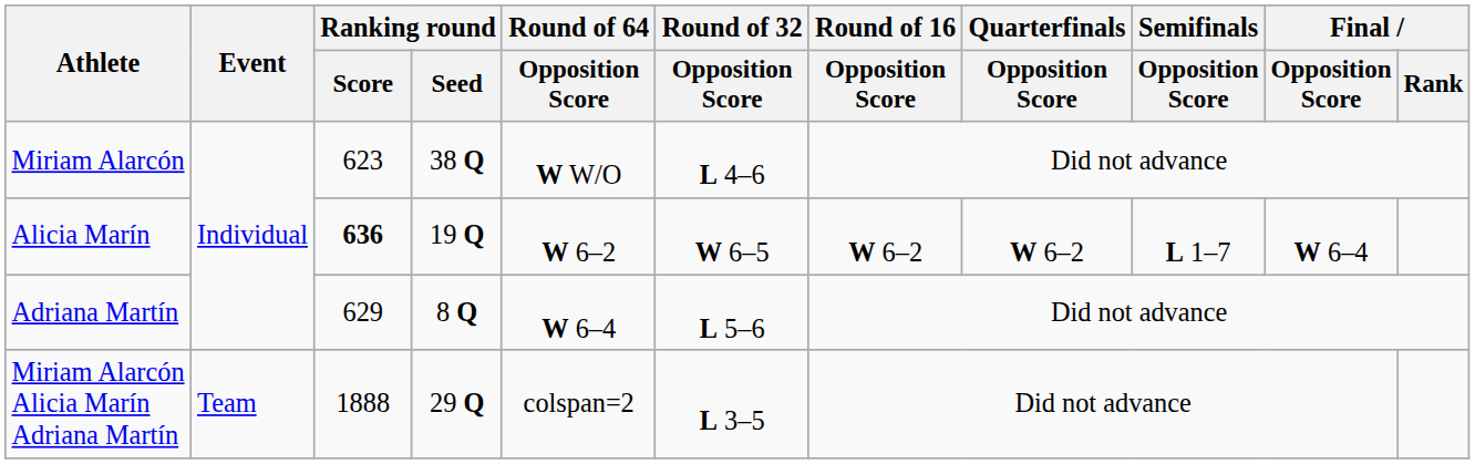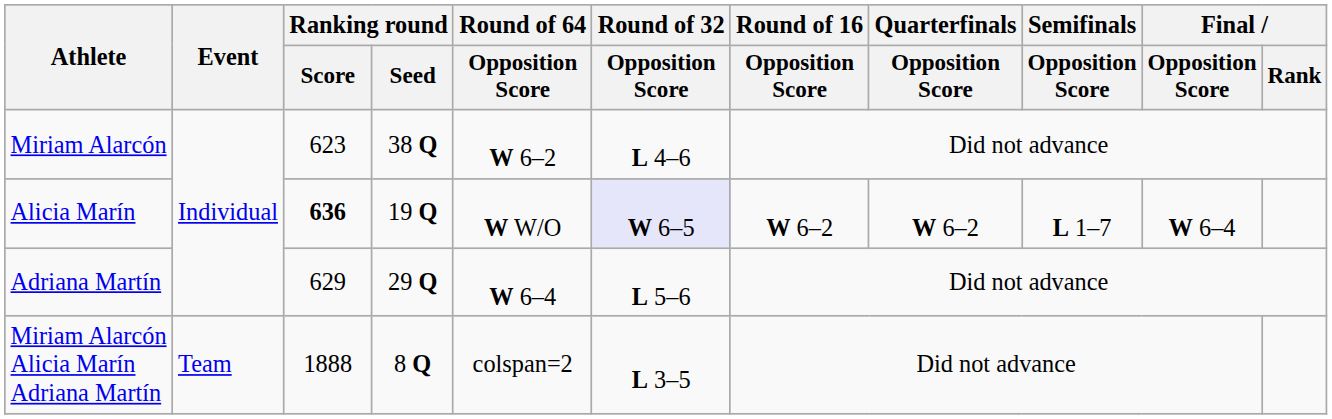 <table class="wikitable" style="font-size:90%">
 <tr>
 <th rowspan="2">Athlete</th>
 <th rowspan="2">Event</th>
 <th colspan="2">Ranking round</th>
 <th>Round of 64</th>
 <th>Round of 32</th>
 <th>Round of 16</th>
 <th>Quarterfinals</th>
 <th>Semifinals</th>
 <th colspan="2">Final / </th>
 </tr>
 <tr style="font-size:95%">
 <th>Score</th>
 <th>Seed</th>
 <th>Opposition<br>Score</th>
 <th>Opposition<br>Score</th>
 <th>Opposition<br>Score</th>
 <th>Opposition<br>Score</th>
 <th>Opposition<br>Score</th>
 <th>Opposition<br>Score</th>
 <th>Rank</th>
 </tr>
 <tr align=center>
 <td align=left><a href='#'>Miriam Alarcón</a></td>
 <td align=left rowspan=3><a href='#'>Individual</a></td>
 <td>623</td>
 <td>38 <strong>Q</strong></td>
-<td><br><strong>W</strong> W/O</td>
+<td><br><strong>W</strong> 6–2</td>
 <td><br><strong>L</strong> 4–6</td>
 <td colspan=5>Did not advance</td>
 </tr>
 <tr align=center>
 <td align=left><a href='#'>Alicia Marín</a></td>
 <td><strong>636</strong></td>
 <td>19 <strong>Q</strong></td>
-<td><br><strong>W</strong> 6–2</td>
-<td><br><strong>W</strong> 6–5</td>
+<td><br><strong>W</strong> W/O</td>
+<td style="background: lavender;"><br><strong>W</strong> 6–5</td>
 <td><br><strong>W</strong> 6–2</td>
 <td><br><strong>W</strong> 6–2</td>
 <td><br><strong>L</strong> 1–7</td>
 <td><br><strong>W</strong> 6–4</td>
 <td></td>
 </tr>
 <tr align=center>
 <td align=left><a href='#'>Adriana Martín</a></td>
 <td>629</td>
-<td>8 <strong>Q</strong></td>
+<td>29 <strong>Q</strong></td>
 <td><br><strong>W</strong> 6–4</td>
 <td><br><strong>L</strong> 5–6</td>
 <td colspan=5>Did not advance</td>
 </tr>
 <tr align=center>
 <td align=left><a href='#'>Miriam Alarcón</a><br><a href='#'>Alicia Marín</a><br><a href='#'>Adriana Martín</a></td>
 <td align=left><a href='#'>Team</a></td>
 <td>1888</td>
-<td>29 <strong>Q</strong></td>
+<td>8 <strong>Q</strong></td>
 <td>colspan=2 </td>
 <td><br><strong>L</strong> 3–5</td>
 <td colspan=4>Did not advance</td>
 </tr>
 </table>
